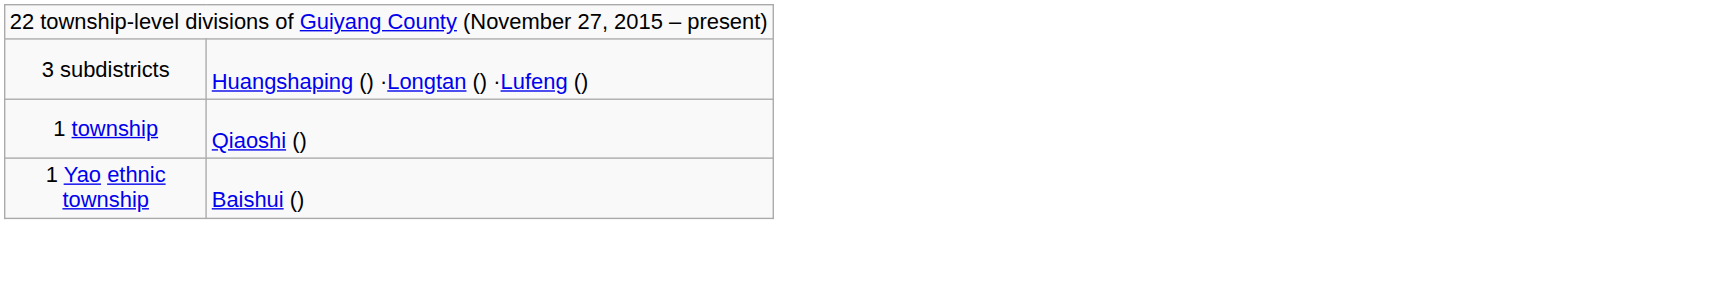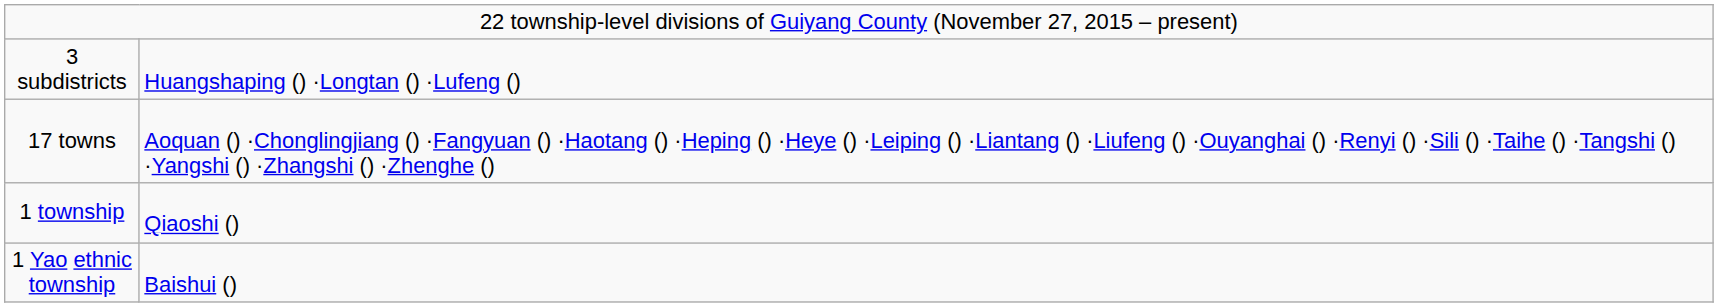 <table class="wikitable">
 <tr>
 <td style="text-align:center;" colspan="2">22 township-level divisions of <a href='#'>Guiyang County</a> (November 27, 2015 – present)</td>
 </tr>
 <tr align=left>
 <td align=center>3 subdistricts</td>
 <td><br><a href='#'>Huangshaping</a> () ·<a href='#'>Longtan</a> () ·<a href='#'>Lufeng</a> ()</td>
+</tr>
+<tr align=left>
+<td align=center>17 towns</td>
+<td><br><a href='#'>Aoquan</a> () ·<a href='#'>Chonglingjiang</a> () ·<a href='#'>Fangyuan</a> () ·<a href='#'>Haotang</a> () ·<a href='#'>Heping</a> () ·<a href='#'>Heye</a> () ·<a href='#'>Leiping</a> () ·<a href='#'>Liantang</a> () ·<a href='#'>Liufeng</a> () ·<a href='#'>Ouyanghai</a> () ·<a href='#'>Renyi</a> () ·<a href='#'>Sili</a> () ·<a href='#'>Taihe</a> () ·<a href='#'>Tangshi</a> () ·<a href='#'>Yangshi</a> () ·<a href='#'>Zhangshi</a> () ·<a href='#'>Zhenghe</a> ()</td>
 </tr>
 <tr align=left>
 <td align=center>1 <a href='#'>township</a></td>
 <td><br><a href='#'>Qiaoshi</a> ()</td>
 </tr>
 <tr align=left>
 <td align=center>1 <a href='#'>Yao</a> <a href='#'>ethnic<br>township</a></td>
 <td><br><a href='#'>Baishui</a> ()</td>
 </tr>
 </table>
